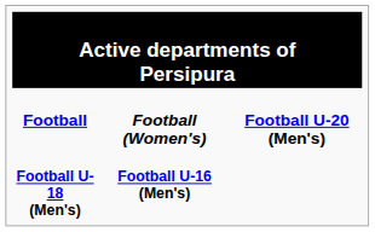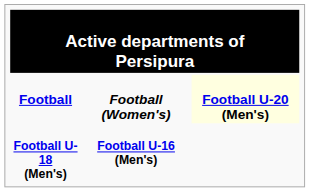 <table class="infobox" style="font-size: 88%; width: 22em; text-align: center">
 <tr>
 <th colspan=3 style="font-size: 125%; background-color:#000000; color:white; text-align:center;"><br>Active departments of<br>Persipura</th>
 </tr>
 <tr style="text-align: center">
 <td><br><strong><a href='#'>Football</a></strong></td>
 <td><br><strong><em>Football (Women's)</em></strong></td>
-<td><br><strong><a href='#'>Football U-20</a> (Men's)</strong></td>
+<td style="background: lightyellow;"><br><strong><a href='#'>Football U-20</a> (Men's)</strong></td>
 </tr>
 <tr style="font-size: 90%; text-align: center">
 <td><br><strong><a href='#'>Football U-18</a><br> (Men's)</strong></td>
 <td><br><strong><a href='#'>Football U-16</a><br> (Men's)</strong></td>
 </tr>
 </table>
